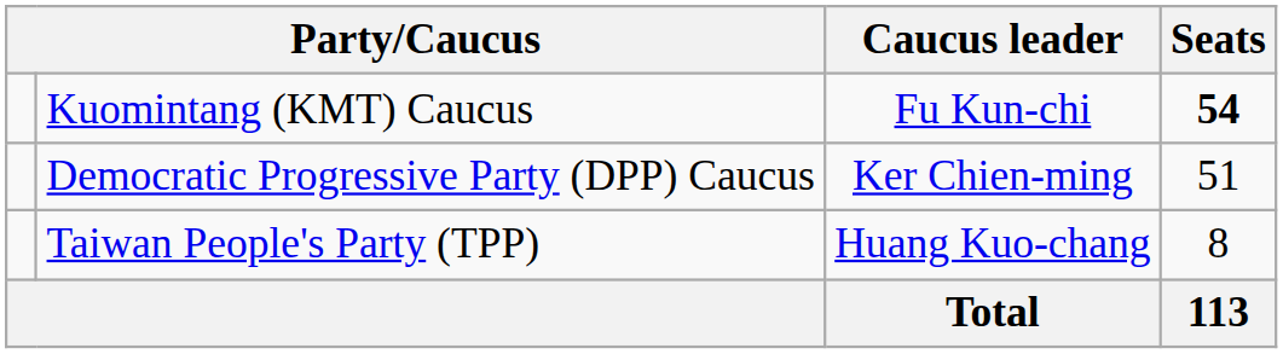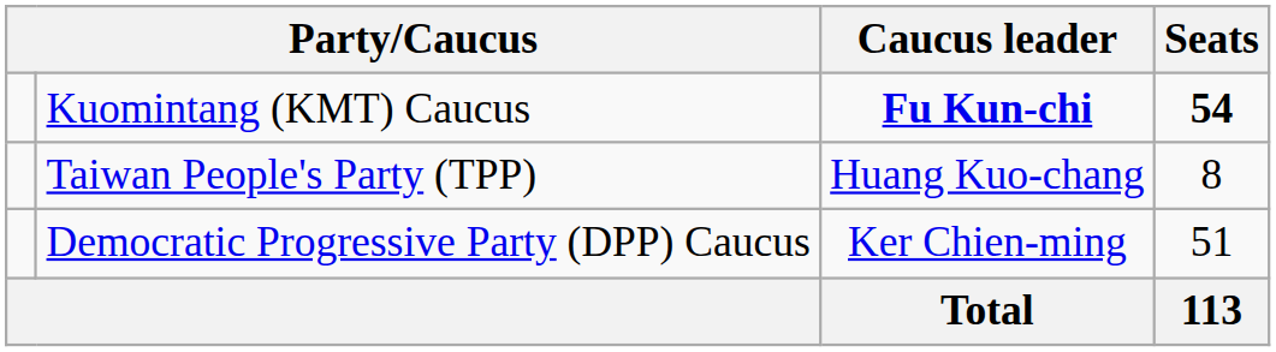 <table class="wikitable">
 <tr>
 <th colspan="2" width="250">Party/Caucus</th>
 <th>Caucus leader</th>
 <th>Seats</th>
 </tr>
 <tr>
 <td style="color:inherit;background: "> </td>
 <td><a href='#'>Kuomintang</a> (KMT) Caucus</td>
-<td align="center"><a href='#'>Fu Kun-chi</a></td>
+<td align="center"><strong><a href='#'>Fu Kun-chi</a></strong></td>
 <td align="center"><strong>54</strong></td>
+</tr>
+<tr>
+<td style="color:inherit;background: "> </td>
+<td><a href='#'>Taiwan People's Party</a> (TPP)</td>
+<td align="center"><a href='#'>Huang Kuo-chang</a> </td>
+<td align="center">8</td>
 </tr>
 <tr>
 <td style="color:inherit;background: "> </td>
 <td><a href='#'>Democratic Progressive Party</a> (DPP) Caucus</td>
 <td align="center"><a href='#'>Ker Chien-ming</a></td>
 <td align="center">51</td>
 </tr>
 <tr>
-<td style="color:inherit;background: "> </td>
-<td><a href='#'>Taiwan People's Party</a> (TPP)</td>
-<td align="center"><a href='#'>Huang Kuo-chang</a> </td>
-<td align="center">8</td>
-</tr>
-<tr>
 <th colspan="2"></th>
 <th>Total</th>
 <th>113</th>
 </tr>
 </table>
